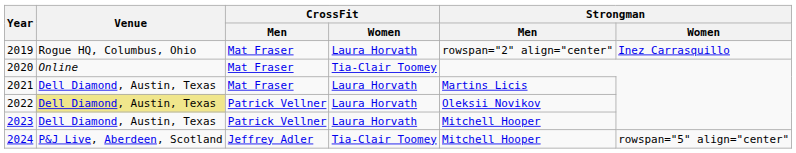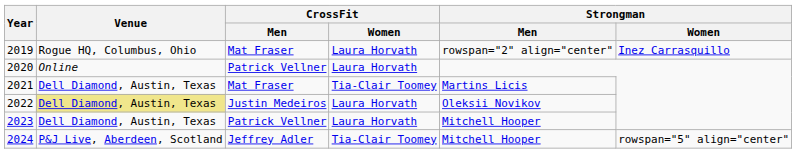 <table class="wikitable" style="display: inline-table">
 <tr>
 <th rowspan=2>Year</th>
 <th rowspan=2>Venue</th>
 <th colspan=2>CrossFit</th>
 <th colspan=2>Strongman</th>
 </tr>
 <tr>
 <th>Men</th>
 <th>Women</th>
 <th>Men</th>
 <th>Women</th>
 </tr>
 <tr>
 <td>2019</td>
 <td>Rogue HQ, Columbus, Ohio</td>
 <td> <a href='#'>Mat Fraser</a></td>
 <td> <a href='#'>Laura Horvath</a></td>
 <td>rowspan="2" align="center" </td>
 <td> <a href='#'>Inez Carrasquillo</a></td>
 </tr>
 <tr>
 <td>2020</td>
 <td><em>Online</em></td>
-<td> <a href='#'>Mat Fraser</a></td>
-<td> <a href='#'>Tia-Clair Toomey</a></td>
+<td> <a href='#'>Patrick Vellner</a></td>
+<td> <a href='#'>Laura Horvath</a></td>
 </tr>
 <tr>
 <td>2021</td>
 <td><a href='#'>Dell Diamond</a>, Austin, Texas</td>
 <td> <a href='#'>Mat Fraser</a></td>
-<td> <a href='#'>Laura Horvath</a></td>
+<td> <a href='#'>Tia-Clair Toomey</a></td>
 <td> <a href='#'>Martins Licis</a></td>
 </tr>
 <tr>
 <td>2022</td>
 <td style="background: khaki;"><a href='#'>Dell Diamond</a>, Austin, Texas</td>
-<td> <a href='#'>Patrick Vellner</a></td>
+<td> <a href='#'>Justin Medeiros</a></td>
 <td> <a href='#'>Laura Horvath</a></td>
 <td> <a href='#'>Oleksii Novikov</a></td>
 </tr>
 <tr>
 <td><a href='#'>2023</a></td>
 <td><a href='#'>Dell Diamond</a>, Austin, Texas</td>
 <td> <a href='#'>Patrick Vellner</a></td>
 <td> <a href='#'>Laura Horvath</a></td>
 <td> <a href='#'>Mitchell Hooper</a></td>
 </tr>
 <tr>
 <td><a href='#'>2024</a></td>
 <td><a href='#'>P&J Live</a>, <a href='#'>Aberdeen</a>, Scotland</td>
 <td> <a href='#'>Jeffrey Adler</a></td>
 <td> <a href='#'>Tia-Clair Toomey</a></td>
 <td> <a href='#'>Mitchell Hooper</a></td>
 <td>rowspan="5" align="center" </td>
 </tr>
 </table>
